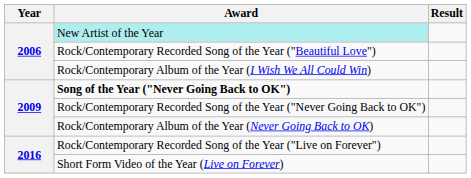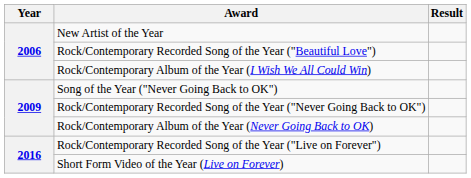 <table class="wikitable">
 <tr>
 <th style="width:60px;">Year</th>
 <th>Award</th>
 <th>Result</th>
 </tr>
 <tr>
 <th rowspan="3"><a href='#'>2006</a></th>
-<td style="background: paleturquoise;">New Artist of the Year</td>
+<td>New Artist of the Year</td>
 <td></td>
 </tr>
 <tr>
 <td>Rock/Contemporary Recorded Song of the Year ("<a href='#'>Beautiful Love</a>")</td>
 <td></td>
 </tr>
 <tr>
 <td>Rock/Contemporary Album of the Year (<em><a href='#'>I Wish We All Could Win</a></em>)</td>
 <td></td>
 </tr>
 <tr>
 <th rowspan="3"><a href='#'>2009</a></th>
-<td><strong>Song of the Year ("Never Going Back to OK")</strong></td>
+<td>Song of the Year ("Never Going Back to OK")</td>
 <td></td>
 </tr>
 <tr>
 <td>Rock/Contemporary Recorded Song of the Year ("Never Going Back to OK")</td>
 <td></td>
 </tr>
 <tr>
 <td>Rock/Contemporary Album of the Year (<em><a href='#'>Never Going Back to OK</a></em>)</td>
 <td></td>
 </tr>
 <tr>
 <th rowspan="2"><a href='#'>2016</a></th>
 <td>Rock/Contemporary Recorded Song of the Year ("Live on Forever")</td>
 <td></td>
 </tr>
 <tr>
 <td>Short Form Video of the Year (<em><a href='#'>Live on Forever</a></em>)</td>
 <td></td>
 </tr>
 </table>
